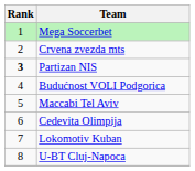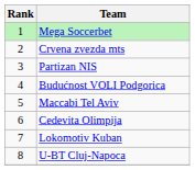 <table class="wikitable">
 <tr>
 <th>Rank</th>
 <th style="width:210px;">Team</th>
 </tr>
 <tr style="background:#bbf3bb;">
 <td align=center>1</td>
 <td> <a href='#'>Mega Soccerbet</a></td>
 </tr>
 <tr>
 <td align=center>2</td>
 <td> <a href='#'>Crvena zvezda mts</a></td>
 </tr>
 <tr>
-<td align=center><strong>3</strong></td>
+<td align=center>3</td>
 <td> <a href='#'>Partizan NIS</a></td>
 </tr>
 <tr>
 <td align=center>4</td>
 <td> <a href='#'>Budućnost VOLI Podgorica</a></td>
 </tr>
 <tr>
 <td align=center>5</td>
 <td> <a href='#'>Maccabi Tel Aviv</a></td>
 </tr>
 <tr>
 <td align=center>6</td>
 <td> <a href='#'>Cedevita Olimpija</a></td>
 </tr>
 <tr>
 <td align=center>7</td>
 <td> <a href='#'>Lokomotiv Kuban</a></td>
 </tr>
 <tr>
 <td align=center>8</td>
 <td> <a href='#'>U-BT Cluj-Napoca</a></td>
 </tr>
 <tr>
 </tr>
 </table>
